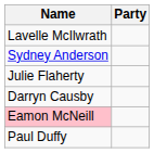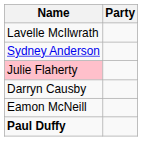 <table class="wikitable">
 <tr>
 <th>Name</th>
 <th colspan=2>Party</th>
 </tr>
 <tr>
 <td>Lavelle McIlwrath</td>
 <td></td>
 </tr>
 <tr>
 <td><a href='#'>Sydney Anderson</a></td>
 <td></td>
 </tr>
 <tr>
-<td>Julie Flaherty</td>
+<td style="background: pink;">Julie Flaherty</td>
 <td></td>
 </tr>
 <tr>
 <td>Darryn Causby</td>
 <td></td>
 </tr>
 <tr>
-<td style="background: pink;">Eamon McNeill</td>
+<td>Eamon McNeill</td>
 <td></td>
 </tr>
 <tr>
-<td>Paul Duffy</td>
+<td><strong>Paul Duffy</strong></td>
 <td></td>
 </tr>
 </table>
